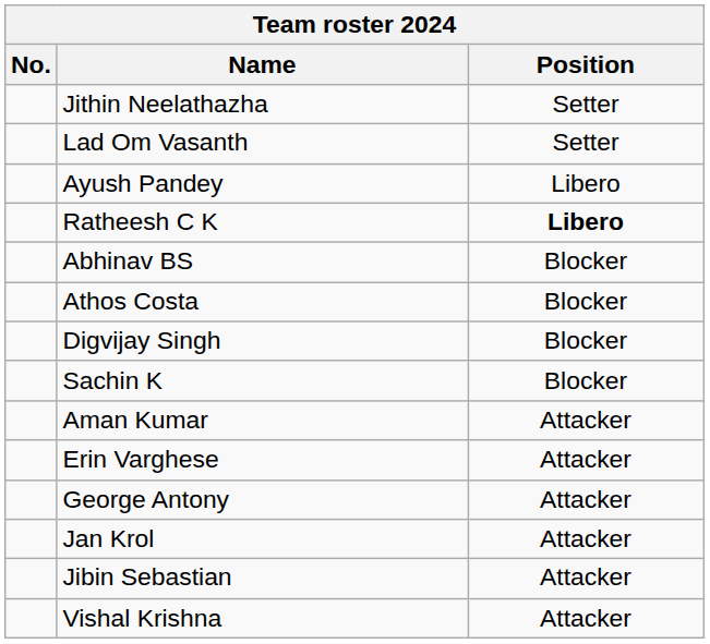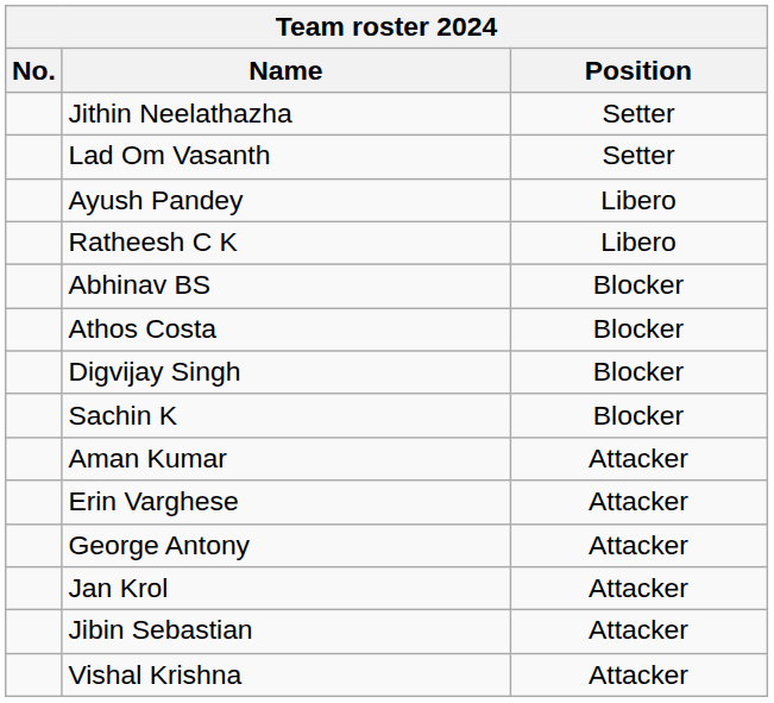 <table class="wikitable sortable" style="font-size:100%; text-align:center;">
 <tr>
 <th colspan=6>Team roster 2024</th>
 </tr>
 <tr>
 <th style=" text-align:center;">No.</th>
 <th style=" text-align:center; width:16em">Name</th>
 <th style=" text-align:center; width:9em">Position</th>
 </tr>
 <tr>
 <td></td>
 <td align=left>Jithin Neelathazha</td>
 <td>Setter</td>
 </tr>
 <tr>
 <td></td>
 <td align=left>Lad Om Vasanth</td>
 <td>Setter</td>
 </tr>
 <tr>
 <td></td>
 <td align=left>Ayush Pandey</td>
 <td>Libero</td>
 </tr>
 <tr>
 <td></td>
 <td align=left>Ratheesh C K</td>
-<td><strong>Libero</strong></td>
+<td>Libero</td>
 </tr>
 <tr>
 <td></td>
 <td align=left>Abhinav BS</td>
 <td>Blocker</td>
 </tr>
 <tr>
 <td></td>
 <td align=left>Athos Costa</td>
 <td>Blocker</td>
 </tr>
 <tr>
 <td></td>
 <td align=left>Digvijay Singh</td>
 <td>Blocker</td>
 </tr>
 <tr>
 <td></td>
 <td align=left>Sachin K</td>
 <td>Blocker</td>
 </tr>
 <tr>
 <td></td>
 <td align=left>Aman Kumar</td>
 <td>Attacker</td>
 </tr>
 <tr>
 <td></td>
 <td align=left>Erin Varghese</td>
 <td>Attacker</td>
 </tr>
 <tr>
 <td></td>
 <td align=left>George Antony</td>
 <td>Attacker</td>
 </tr>
 <tr>
 <td></td>
 <td align=left>Jan Krol</td>
 <td>Attacker</td>
 </tr>
 <tr>
 <td></td>
 <td align=left>Jibin Sebastian</td>
 <td>Attacker</td>
 </tr>
 <tr>
 <td></td>
 <td align=left>Vishal Krishna</td>
 <td>Attacker</td>
 </tr>
 </table>
